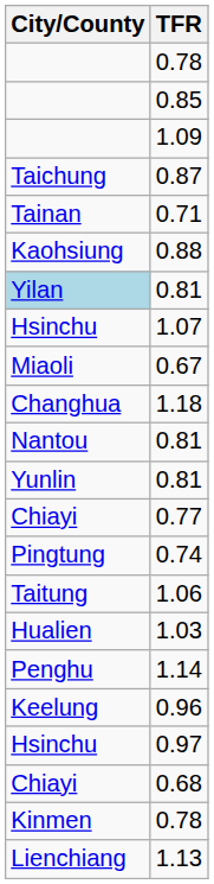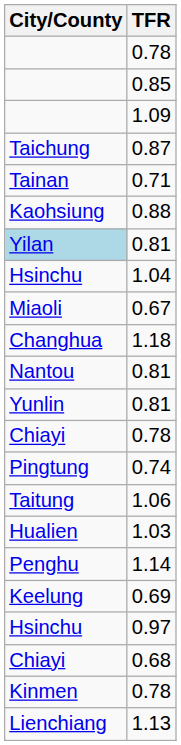 <table class="wikitable sortable">
 <tr>
 <th>City/County</th>
 <th>TFR</th>
 </tr>
 <tr>
 <td></td>
 <td>0.78</td>
 </tr>
 <tr>
 <td></td>
 <td>0.85</td>
 </tr>
 <tr>
 <td></td>
 <td>1.09</td>
 </tr>
 <tr>
 <td><a href='#'>Taichung</a></td>
 <td>0.87</td>
 </tr>
 <tr>
 <td><a href='#'>Tainan</a></td>
 <td>0.71</td>
 </tr>
 <tr>
 <td><a href='#'>Kaohsiung</a></td>
 <td>0.88</td>
 </tr>
 <tr>
 <td style="background: lightblue;"><a href='#'>Yilan</a></td>
 <td>0.81</td>
 </tr>
 <tr>
 <td><a href='#'>Hsinchu</a></td>
-<td>1.07</td>
+<td>1.04</td>
 </tr>
 <tr>
 <td><a href='#'>Miaoli</a></td>
 <td>0.67</td>
 </tr>
 <tr>
 <td><a href='#'>Changhua</a></td>
 <td>1.18</td>
 </tr>
 <tr>
 <td><a href='#'>Nantou</a></td>
 <td>0.81</td>
 </tr>
 <tr>
 <td><a href='#'>Yunlin</a></td>
 <td>0.81</td>
 </tr>
 <tr>
 <td><a href='#'>Chiayi</a></td>
-<td>0.77</td>
+<td>0.78</td>
 </tr>
 <tr>
 <td><a href='#'>Pingtung</a></td>
 <td>0.74</td>
 </tr>
 <tr>
 <td><a href='#'>Taitung</a></td>
 <td>1.06</td>
 </tr>
 <tr>
 <td><a href='#'>Hualien</a></td>
 <td>1.03</td>
 </tr>
 <tr>
 <td><a href='#'>Penghu</a></td>
 <td>1.14</td>
 </tr>
 <tr>
 <td><a href='#'>Keelung</a></td>
-<td>0.96</td>
+<td>0.69</td>
 </tr>
 <tr>
 <td><a href='#'>Hsinchu</a></td>
 <td>0.97</td>
 </tr>
 <tr>
 <td><a href='#'>Chiayi</a></td>
 <td>0.68</td>
 </tr>
 <tr>
 <td><a href='#'>Kinmen</a></td>
 <td>0.78</td>
 </tr>
 <tr>
 <td><a href='#'>Lienchiang</a></td>
 <td>1.13</td>
 </tr>
 </table>
